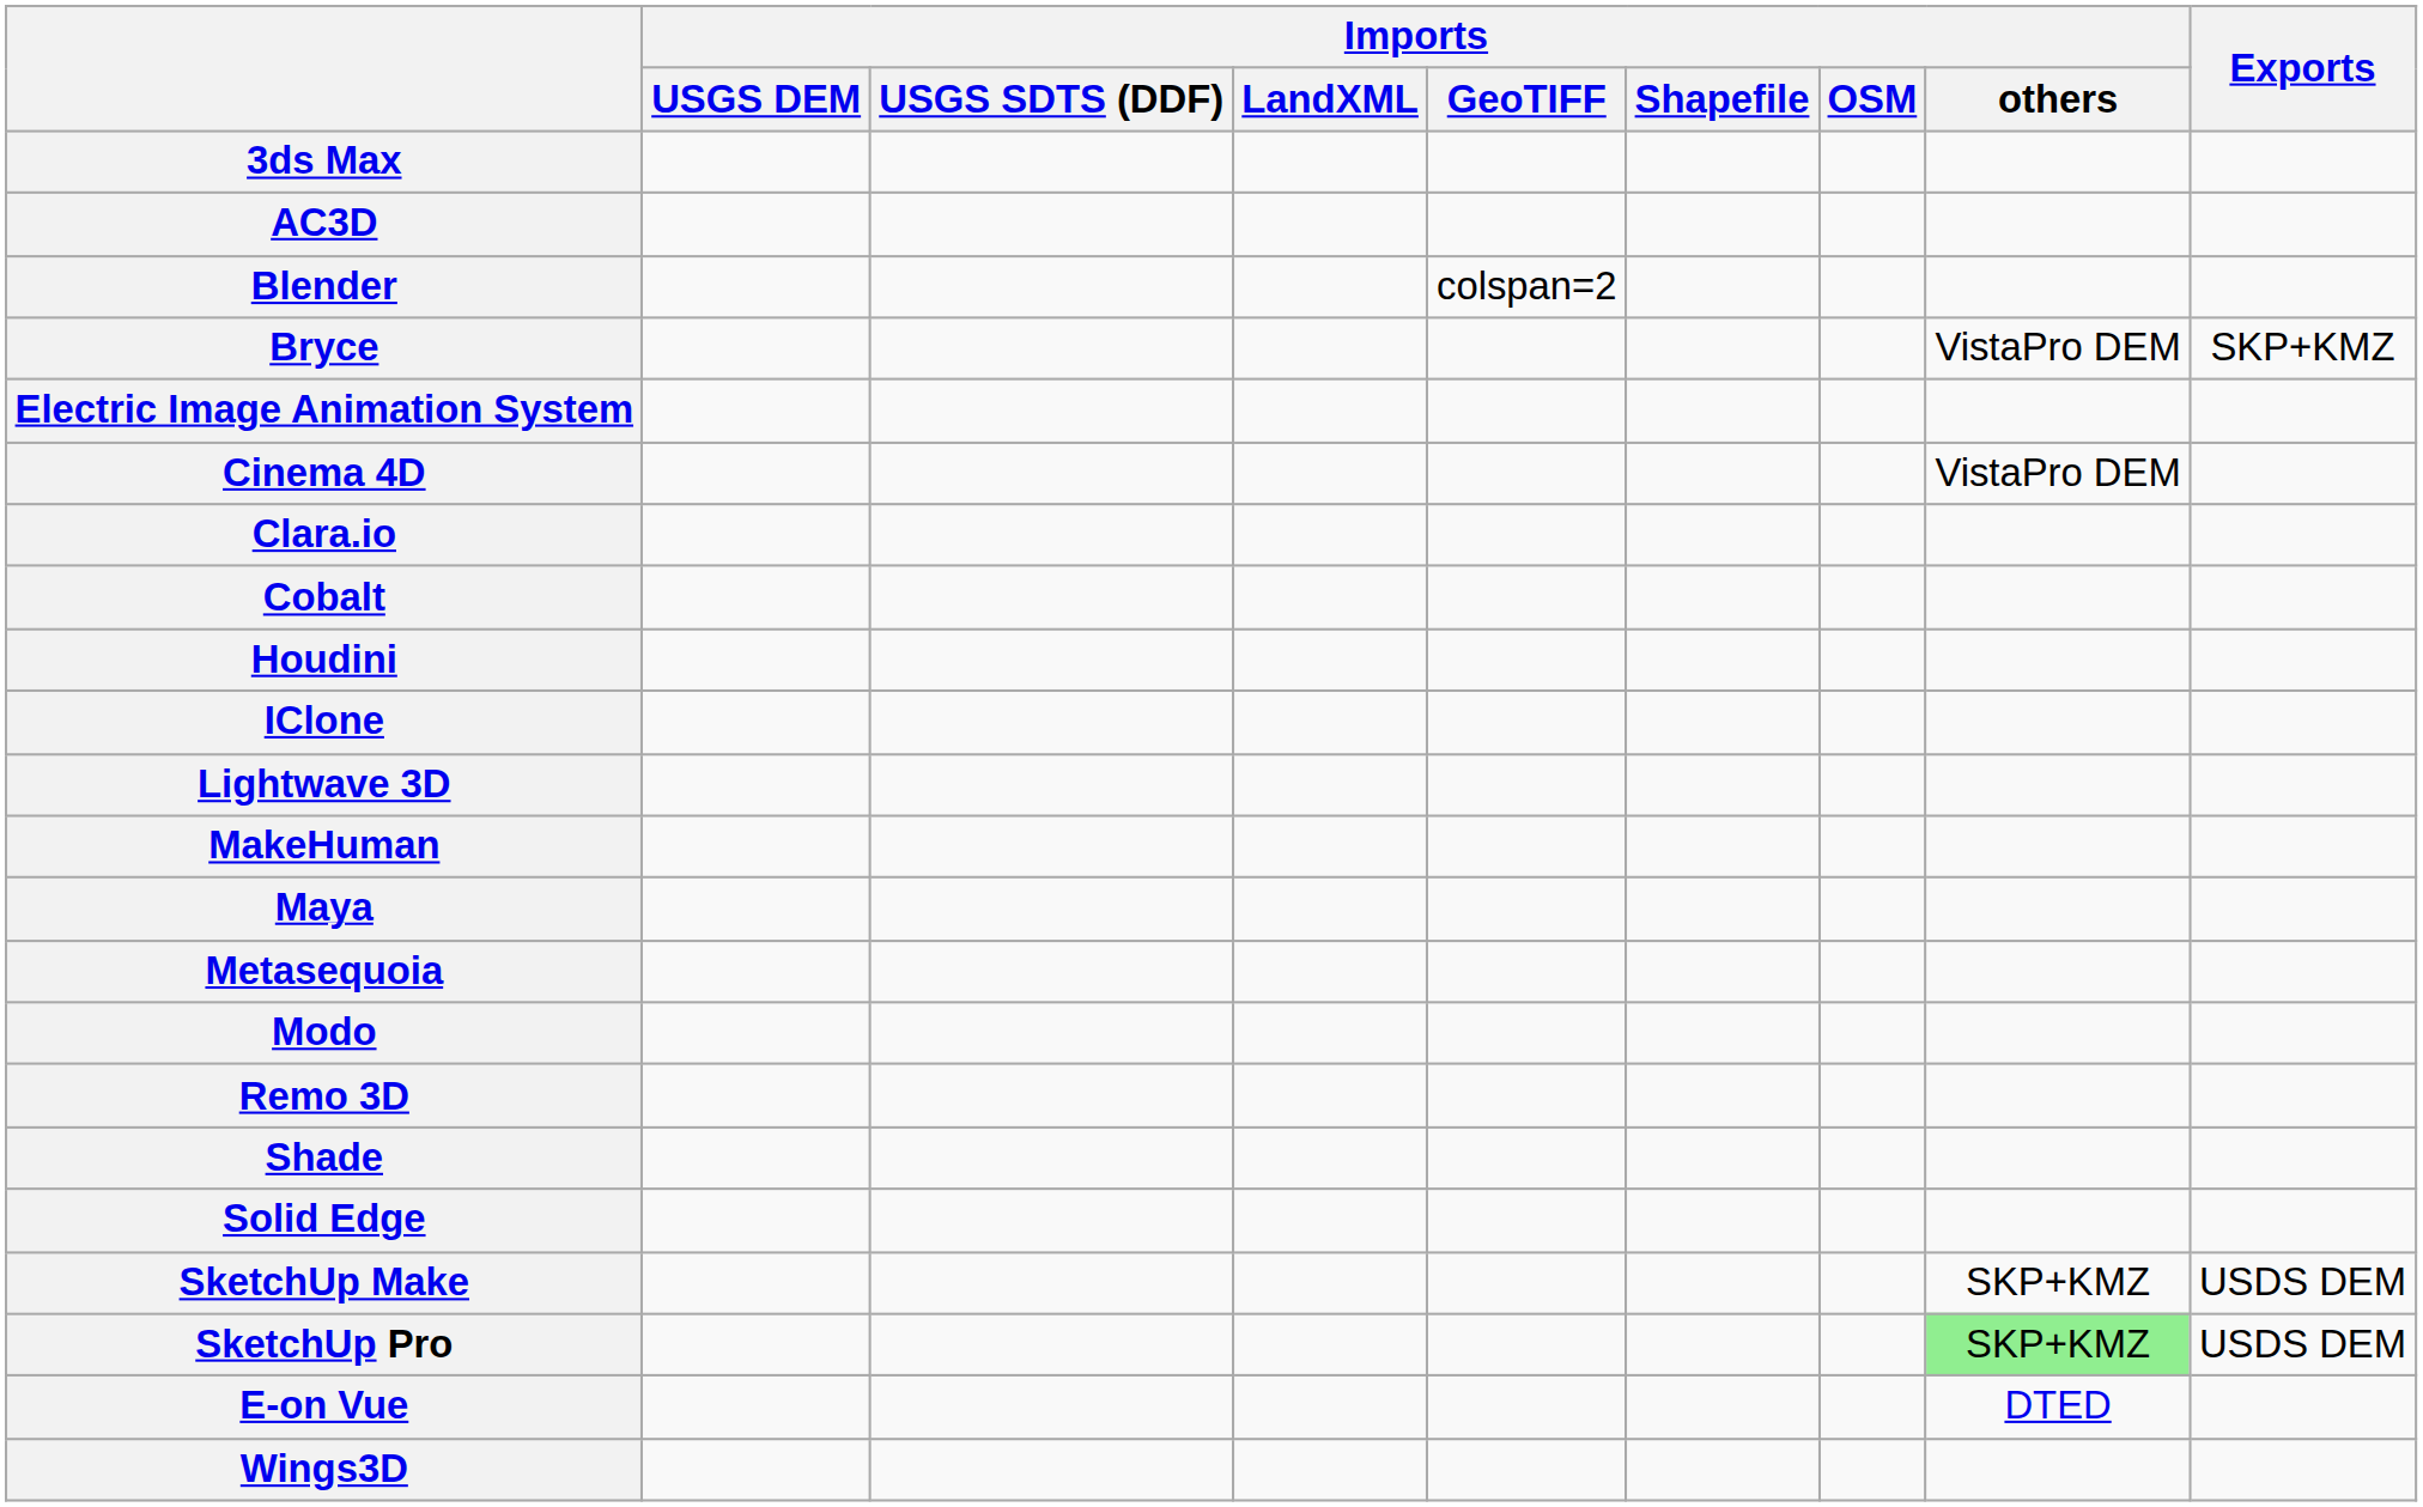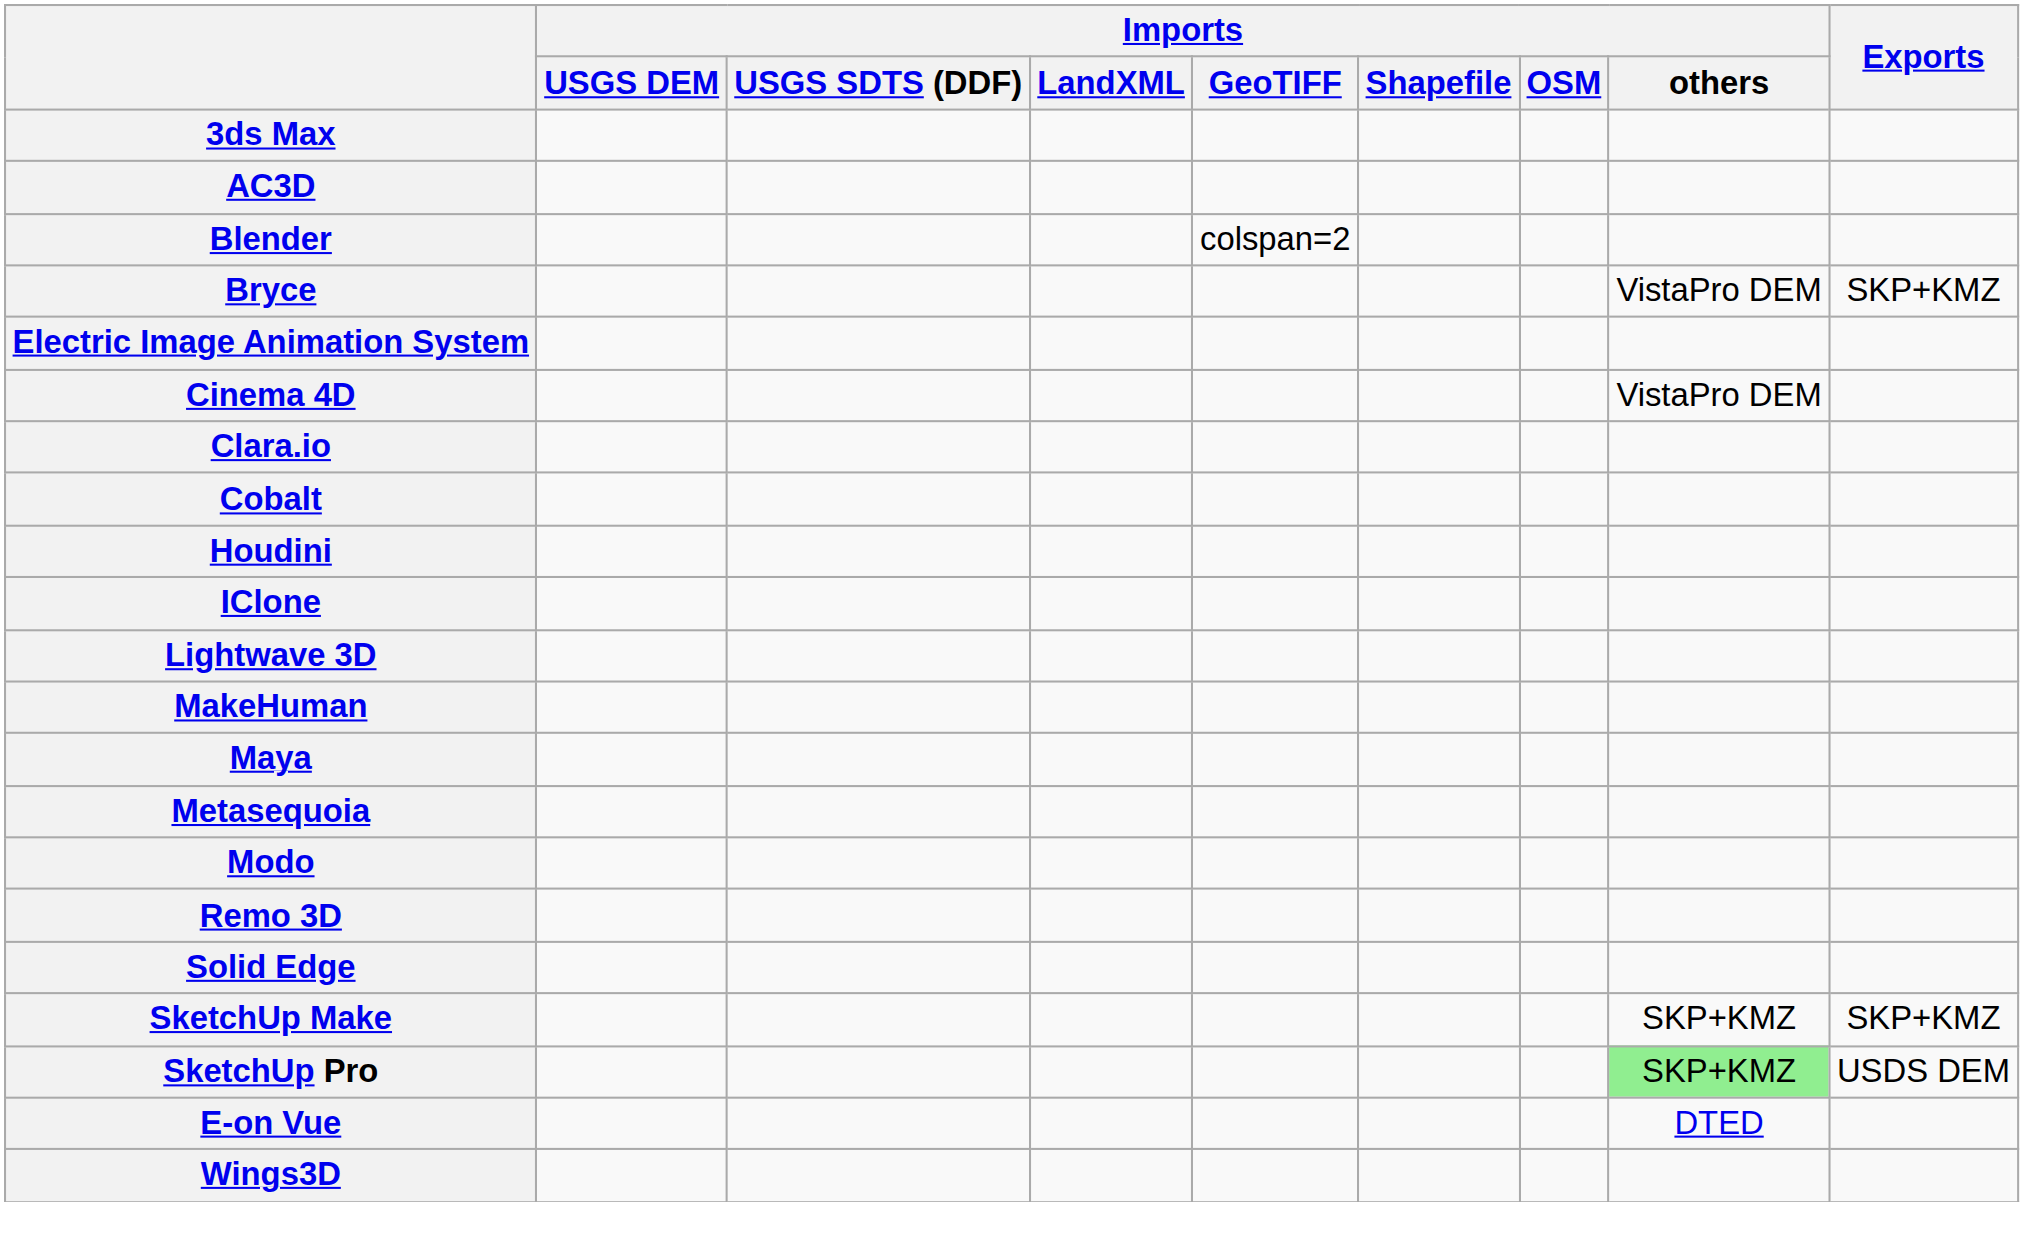 <table class="sortable sort-under wikitable" style="text-align: center; ">
 <tr>
 <th rowspan="2"></th>
 <th colspan="7"><a href='#'>Imports</a></th>
 <th rowspan="2"><a href='#'>Exports</a></th>
 </tr>
 <tr>
 <th><a href='#'>USGS DEM</a></th>
 <th><a href='#'>USGS SDTS</a> (DDF)</th>
 <th><a href='#'>LandXML</a></th>
 <th><a href='#'>GeoTIFF</a></th>
 <th><a href='#'>Shapefile</a></th>
 <th><a href='#'>OSM</a></th>
 <th>others</th>
 </tr>
 <tr>
 <th><a href='#'>3ds Max</a></th>
 <td></td>
 <td></td>
 <td></td>
 <td></td>
 <td></td>
 <td></td>
 <td></td>
 <td></td>
 </tr>
 <tr>
 <th><a href='#'>AC3D</a></th>
 <td></td>
 <td></td>
 <td></td>
 <td></td>
 <td></td>
 <td></td>
 <td></td>
 <td></td>
 </tr>
 <tr>
 <th><a href='#'>Blender</a></th>
 <td></td>
 <td></td>
 <td></td>
 <td>colspan=2 </td>
 <td></td>
 <td></td>
 <td></td>
 </tr>
 <tr>
 <th><strong><a href='#'>Bryce</a></strong></th>
 <td></td>
 <td></td>
 <td></td>
 <td></td>
 <td></td>
 <td></td>
 <td>VistaPro DEM</td>
 <td>SKP+KMZ</td>
 </tr>
 <tr>
 <th><a href='#'>Electric Image Animation System</a></th>
 <td></td>
 <td></td>
 <td></td>
 <td></td>
 <td></td>
 <td></td>
 <td></td>
 <td></td>
 </tr>
 <tr>
 <th><a href='#'>Cinema 4D</a></th>
 <td></td>
 <td></td>
 <td></td>
 <td></td>
 <td></td>
 <td></td>
 <td>VistaPro DEM</td>
 <td></td>
 </tr>
 <tr>
 <th><a href='#'>Clara.io</a></th>
 <td></td>
 <td></td>
 <td></td>
 <td></td>
 <td></td>
 <td></td>
 <td></td>
 <td></td>
 </tr>
 <tr>
 <th><a href='#'>Cobalt</a></th>
 <td></td>
 <td></td>
 <td></td>
 <td></td>
 <td></td>
 <td></td>
 <td></td>
 <td></td>
 </tr>
 <tr>
 <th><a href='#'>Houdini</a></th>
 <td></td>
 <td></td>
 <td></td>
 <td></td>
 <td></td>
 <td></td>
 <td></td>
 <td></td>
 </tr>
 <tr>
 <th><a href='#'>IClone</a></th>
 <td></td>
 <td></td>
 <td></td>
 <td></td>
 <td></td>
 <td></td>
 <td></td>
 <td></td>
 </tr>
 <tr>
 <th><a href='#'>Lightwave 3D</a></th>
 <td></td>
 <td></td>
 <td></td>
 <td></td>
 <td></td>
 <td></td>
 <td></td>
 <td></td>
 </tr>
 <tr>
 <th><a href='#'>MakeHuman</a></th>
 <td></td>
 <td></td>
 <td></td>
 <td></td>
 <td></td>
 <td></td>
 <td></td>
 <td></td>
 </tr>
 <tr>
 <th><a href='#'>Maya</a></th>
 <td></td>
 <td></td>
 <td></td>
 <td></td>
 <td></td>
 <td></td>
 <td></td>
 <td></td>
 </tr>
 <tr>
 <th><a href='#'>Metasequoia</a></th>
 <td></td>
 <td></td>
 <td></td>
 <td></td>
 <td></td>
 <td></td>
 <td></td>
 <td></td>
 </tr>
 <tr>
 <th><a href='#'>Modo</a></th>
 <td></td>
 <td></td>
 <td></td>
 <td></td>
 <td></td>
 <td></td>
 <td></td>
 <td></td>
 </tr>
 <tr>
 <th><a href='#'>Remo 3D</a></th>
 <td></td>
 <td></td>
 <td></td>
 <td></td>
 <td></td>
 <td></td>
 <td></td>
 <td></td>
 </tr>
 <tr>
-<th><a href='#'>Shade</a></th>
-<td></td>
-<td></td>
-<td></td>
-<td></td>
-<td></td>
-<td></td>
-<td></td>
-<td></td>
-</tr>
-<tr>
 <th><a href='#'>Solid Edge</a></th>
 <td></td>
 <td></td>
 <td></td>
 <td></td>
 <td></td>
 <td></td>
 <td></td>
 <td></td>
 </tr>
 <tr>
 <th><a href='#'>SketchUp Make</a></th>
 <td></td>
 <td></td>
 <td></td>
 <td></td>
 <td></td>
 <td></td>
 <td>SKP+KMZ</td>
-<td>USDS DEM</td>
+<td>SKP+KMZ</td>
 </tr>
 <tr>
 <th><a href='#'>SketchUp</a> Pro</th>
 <td></td>
 <td></td>
 <td></td>
 <td></td>
 <td></td>
 <td></td>
 <td style="background: lightgreen;">SKP+KMZ</td>
 <td>USDS DEM</td>
 </tr>
 <tr>
 <th><a href='#'>E-on Vue</a></th>
 <td></td>
 <td></td>
 <td></td>
 <td></td>
 <td></td>
 <td></td>
 <td><a href='#'>DTED</a></td>
 <td></td>
 </tr>
 <tr>
 <th><a href='#'>Wings3D</a></th>
 <td></td>
 <td></td>
 <td></td>
 <td></td>
 <td></td>
 <td></td>
 <td></td>
 <td></td>
 </tr>
 </table>
